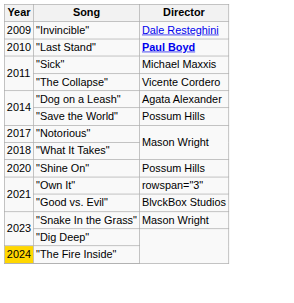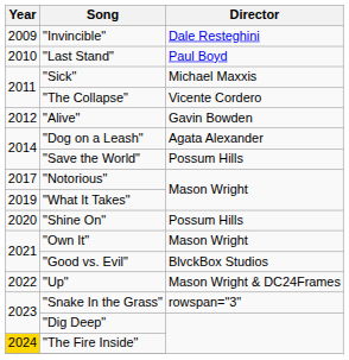 <table class="wikitable">
 <tr>
 <th>Year</th>
 <th>Song</th>
 <th>Director</th>
 </tr>
 <tr>
 <td>2009</td>
 <td>"Invincible"</td>
 <td><a href='#'>Dale Resteghini</a></td>
 </tr>
 <tr>
 <td>2010</td>
 <td>"Last Stand"</td>
-<td><strong><a href='#'>Paul Boyd</a></strong></td>
+<td><a href='#'>Paul Boyd</a></td>
 </tr>
 <tr>
 <td rowspan="2">2011</td>
 <td>"Sick"</td>
 <td>Michael Maxxis</td>
 </tr>
 <tr>
 <td>"The Collapse" </td>
 <td>Vicente Cordero</td>
+</tr>
+<tr>
+<td>2012</td>
+<td>"Alive"</td>
+<td>Gavin Bowden</td>
 </tr>
 <tr>
 <td rowspan="2">2014</td>
 <td>"Dog on a Leash"</td>
 <td>Agata Alexander</td>
 </tr>
 <tr>
 <td>"Save the World" </td>
 <td>Possum Hills</td>
 </tr>
 <tr>
 <td>2017</td>
 <td>"Notorious" </td>
 <td rowspan="2">Mason Wright</td>
 </tr>
 <tr>
-<td>2018</td>
+<td>2019</td>
 <td>"What It Takes"</td>
 </tr>
 <tr>
 <td>2020</td>
 <td>"Shine On"</td>
 <td>Possum Hills</td>
 </tr>
 <tr>
 <td rowspan="2">2021</td>
 <td>"Own It"</td>
-<td>rowspan="3" </td>
+<td>Mason Wright</td>
 </tr>
 <tr>
 <td>"Good vs. Evil"</td>
 <td>BlvckBox Studios</td>
 </tr>
 <tr>
+<td>2022</td>
+<td>"Up"</td>
+<td>Mason Wright & DC24Frames</td>
+</tr>
+<tr>
 <td rowspan="2">2023</td>
 <td>"Snake In the Grass"</td>
-<td>Mason Wright</td>
+<td>rowspan="3" </td>
 </tr>
 <tr>
 <td>"Dig Deep"</td>
 </tr>
 <tr>
 <td style="background: gold;">2024</td>
 <td>"The Fire Inside"</td>
 </tr>
 <tr>
 </tr>
 </table>
